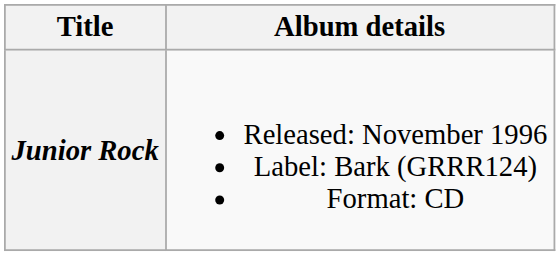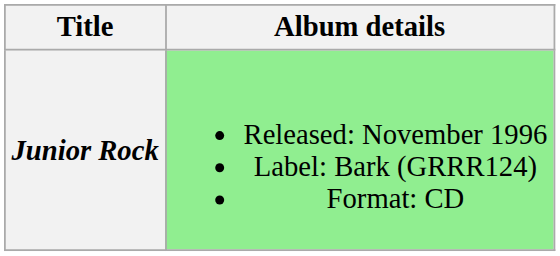 <table class="wikitable plainrowheaders" style="text-align:center;" border="1">
 <tr>
 <th scope="col">Title</th>
 <th scope="col">Album details</th>
 </tr>
 <tr>
 <th scope="row"><em>Junior Rock</em></th>
-<td><br><ul><li>Released: November 1996</li><li>Label: Bark (GRRR124)</li><li>Format: CD</li></ul></td>
+<td style="background: lightgreen;"><br><ul><li>Released: November 1996</li><li>Label: Bark (GRRR124)</li><li>Format: CD</li></ul></td>
 </tr>
 </table>
